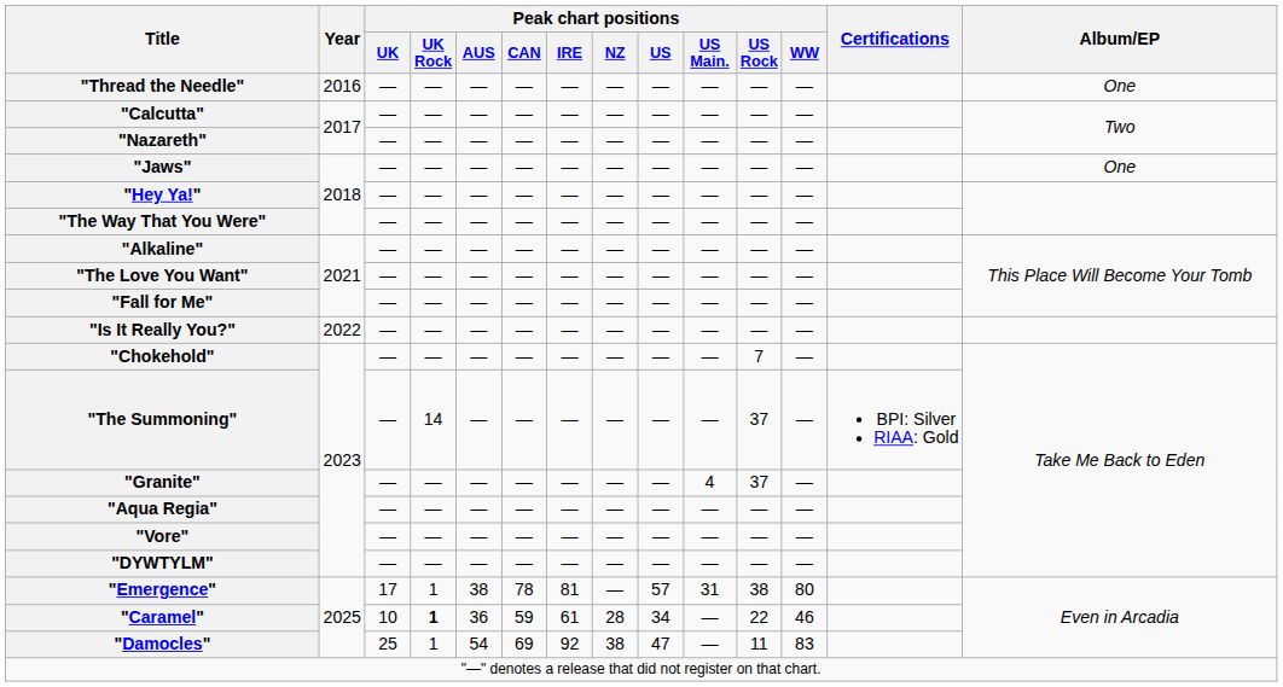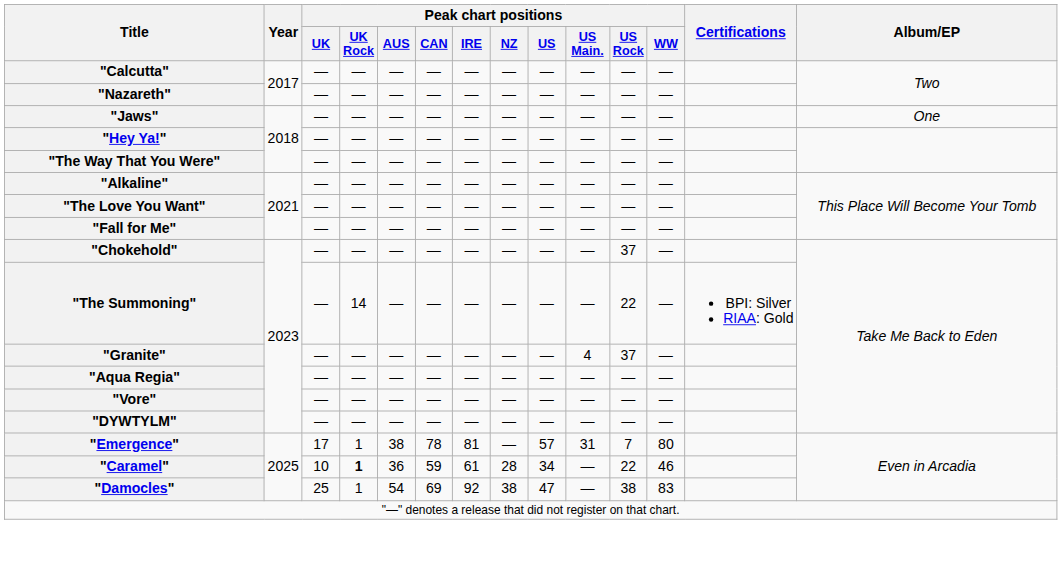 <table class="wikitable plainrowheaders" style="text-align:center;">
 <tr>
 <th scope="col" rowspan="2" style="width:18em;">Title</th>
 <th scope="col" rowspan="2">Year</th>
 <th scope="col" colspan="10">Peak chart positions</th>
 <th scope="col" rowspan="2"><a href='#'>Certifications</a></th>
 <th scope="col" rowspan="2" style="width:18em;">Album/EP</th>
 </tr>
 <tr>
 <th scope="col" style="width:2.5em;font-size:90%;"><a href='#'>UK</a><br></th>
 <th scope="col" style="width:2.5em;font-size:90%;"><a href='#'>UK<br>Rock</a><br></th>
 <th scope="col" style="width:2.5em;font-size:90%;"><a href='#'>AUS</a><br></th>
 <th scope="col" style="width:2.5em;font-size:90%;"><a href='#'>CAN</a><br></th>
 <th scope="col" style="width:2.5em;font-size:90%;"><a href='#'>IRE</a><br></th>
 <th scope="col" style="width:2.5em;font-size:90%;"><a href='#'>NZ</a><br></th>
 <th scope="col" style="width:2.5em;font-size:90%;"><a href='#'>US</a><br></th>
 <th scope="col" style="width:3em;font-size:90%;"><a href='#'>US<br>Main.</a><br></th>
 <th scope="col" style="width:2.5em;font-size:90%;"><a href='#'>US<br>Rock</a><br></th>
 <th scope="col" style="width:2.5em;font-size:90%;"><a href='#'>WW</a><br></th>
-</tr>
-<tr>
-<th scope="row">"Thread the Needle"</th>
-<td>2016</td>
-<td>—</td>
-<td>—</td>
-<td>—</td>
-<td>—</td>
-<td>—</td>
-<td>—</td>
-<td>—</td>
-<td>—</td>
-<td>—</td>
-<td>—</td>
-<td></td>
-<td><em>One</em></td>
 </tr>
 <tr>
 <th scope="row">"Calcutta"</th>
 <td rowspan="2">2017</td>
 <td>—</td>
 <td>—</td>
 <td>—</td>
 <td>—</td>
 <td>—</td>
 <td>—</td>
 <td>—</td>
 <td>—</td>
 <td>—</td>
 <td>—</td>
 <td></td>
 <td rowspan="2"><em>Two</em></td>
 </tr>
 <tr>
 <th scope="row">"Nazareth"</th>
 <td>—</td>
 <td>—</td>
 <td>—</td>
 <td>—</td>
 <td>—</td>
 <td>—</td>
 <td>—</td>
 <td>—</td>
 <td>—</td>
 <td>—</td>
 <td></td>
 </tr>
 <tr>
 <th scope="row">"Jaws"</th>
 <td rowspan="3">2018</td>
 <td>—</td>
 <td>—</td>
 <td>—</td>
 <td>—</td>
 <td>—</td>
 <td>—</td>
 <td>—</td>
 <td>—</td>
 <td>—</td>
 <td>—</td>
 <td></td>
 <td><em>One</em></td>
 </tr>
 <tr>
 <th scope="row">"<a href='#'>Hey Ya!</a>"<br></th>
 <td>—</td>
 <td>—</td>
 <td>—</td>
 <td>—</td>
 <td>—</td>
 <td>—</td>
 <td>—</td>
 <td>—</td>
 <td>—</td>
 <td>—</td>
 <td></td>
 </tr>
 <tr>
 <th scope="row">"The Way That You Were"</th>
 <td>—</td>
 <td>—</td>
 <td>—</td>
 <td>—</td>
 <td>—</td>
 <td>—</td>
 <td>—</td>
 <td>—</td>
 <td>—</td>
 <td>—</td>
 <td></td>
 </tr>
 <tr>
 <th scope="row">"Alkaline"</th>
 <td rowspan="3">2021</td>
 <td>—</td>
 <td>—</td>
 <td>—</td>
 <td>—</td>
 <td>—</td>
 <td>—</td>
 <td>—</td>
 <td>—</td>
 <td>—</td>
 <td>—</td>
 <td></td>
 <td rowspan="3"><em>This Place Will Become Your Tomb</em></td>
 </tr>
 <tr>
 <th scope="row">"The Love You Want"</th>
 <td>—</td>
 <td>—</td>
 <td>—</td>
 <td>—</td>
 <td>—</td>
 <td>—</td>
 <td>—</td>
 <td>—</td>
 <td>—</td>
 <td>—</td>
 <td></td>
 </tr>
 <tr>
 <th scope="row">"Fall for Me"</th>
 <td>—</td>
 <td>—</td>
 <td>—</td>
 <td>—</td>
 <td>—</td>
 <td>—</td>
 <td>—</td>
 <td>—</td>
 <td>—</td>
 <td>—</td>
 <td></td>
 </tr>
 <tr>
-<th scope="row">"Is It Really You?"<br></th>
-<td>2022</td>
-<td>—</td>
-<td>—</td>
-<td>—</td>
-<td>—</td>
-<td>—</td>
-<td>—</td>
-<td>—</td>
-<td>—</td>
-<td>—</td>
-<td>—</td>
-<td></td>
-<td></td>
-</tr>
-<tr>
 <th scope="row">"Chokehold"</th>
 <td rowspan="6">2023</td>
 <td>—</td>
 <td>—</td>
 <td>—</td>
 <td>—</td>
 <td>—</td>
 <td>—</td>
 <td>—</td>
 <td>—</td>
-<td>7</td>
+<td>37</td>
 <td>—</td>
 <td></td>
 <td rowspan="6"><em>Take Me Back to Eden</em></td>
 </tr>
 <tr>
 <th scope="row">"The Summoning"</th>
 <td>—</td>
 <td>14</td>
 <td>—</td>
 <td>—</td>
 <td>—</td>
 <td>—</td>
 <td>—</td>
 <td>—</td>
-<td>37</td>
+<td>22</td>
 <td>—</td>
 <td><br><ul><li>BPI: Silver</li><li><a href='#'>RIAA</a>: Gold</li></ul></td>
 </tr>
 <tr>
 <th scope="row">"Granite"</th>
 <td>—</td>
 <td>—</td>
 <td>—</td>
 <td>—</td>
 <td>—</td>
 <td>—</td>
 <td>—</td>
 <td>4</td>
 <td>37</td>
 <td>—</td>
 <td></td>
 </tr>
 <tr>
 <th scope="row">"Aqua Regia"</th>
 <td>—</td>
 <td>—</td>
 <td>—</td>
 <td>—</td>
 <td>—</td>
 <td>—</td>
 <td>—</td>
 <td>—</td>
 <td>—</td>
 <td>—</td>
 <td></td>
 </tr>
 <tr>
 <th scope="row">"Vore"</th>
 <td>—</td>
 <td>—</td>
 <td>—</td>
 <td>—</td>
 <td>—</td>
 <td>—</td>
 <td>—</td>
 <td>—</td>
 <td>—</td>
 <td>—</td>
 <td></td>
 </tr>
 <tr>
 <th scope="row">"DYWTYLM"</th>
 <td>—</td>
 <td>—</td>
 <td>—</td>
 <td>—</td>
 <td>—</td>
 <td>—</td>
 <td>—</td>
 <td>—</td>
 <td>—</td>
 <td>—</td>
 <td></td>
 </tr>
 <tr>
 <th scope="row">"<a href='#'>Emergence</a>"</th>
 <td rowspan="3">2025</td>
 <td>17</td>
 <td>1</td>
 <td>38</td>
 <td>78</td>
 <td>81</td>
 <td>—</td>
 <td>57</td>
 <td>31</td>
-<td>38</td>
+<td>7</td>
 <td>80</td>
 <td></td>
 <td rowspan="3"><em>Even in Arcadia</em></td>
 </tr>
 <tr>
 <th scope="row">"<a href='#'>Caramel</a>"</th>
 <td>10</td>
 <td><strong>1</strong></td>
 <td>36</td>
 <td>59</td>
 <td>61</td>
 <td>28</td>
 <td>34</td>
 <td>—</td>
 <td>22</td>
 <td>46</td>
 <td></td>
 </tr>
 <tr>
 <th scope="row">"<a href='#'>Damocles</a>"</th>
 <td>25</td>
 <td>1</td>
 <td>54</td>
 <td>69</td>
 <td>92</td>
 <td>38</td>
 <td>47</td>
 <td>—</td>
-<td>11</td>
+<td>38</td>
 <td>83</td>
 <td></td>
 </tr>
 <tr>
 <td colspan="14" align="center" style="font-size: 85%">"—" denotes a release that did not register on that chart.</td>
 </tr>
 </table>
